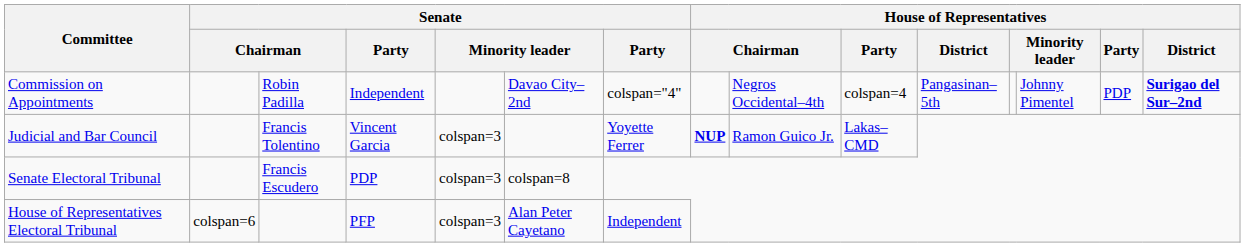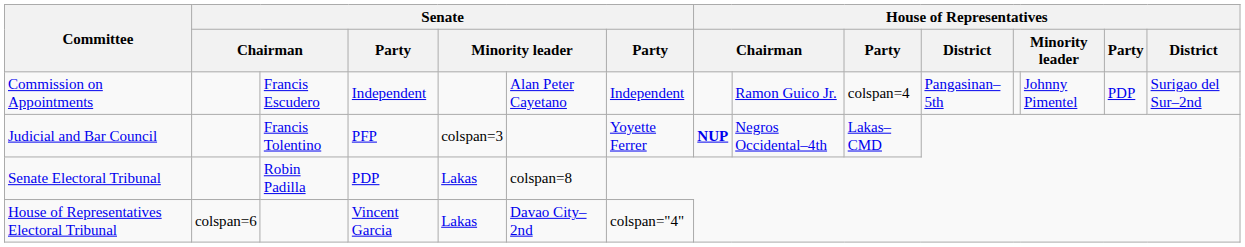 <table class=wikitable style="font-size:95%;">
 <tr>
 <th rowspan=2>Committee</th>
 <th colspan=6>Senate</th>
 <th colspan=8>House of Representatives</th>
 </tr>
 <tr>
 <th colspan=2>Chairman</th>
 <th>Party</th>
 <th colspan=2>Minority leader</th>
 <th>Party</th>
 <th colspan=2>Chairman</th>
 <th>Party</th>
 <th>District</th>
 <th colspan=2>Minority leader</th>
 <th>Party</th>
 <th>District</th>
 </tr>
 <tr>
 <td><a href='#'>Commission on Appointments</a></td>
 <td></td>
-<td><a href='#'>Robin Padilla</a></td>
+<td><a href='#'>Francis Escudero</a></td>
 <td><a href='#'>Independent</a></td>
 <td></td>
-<td><a href='#'>Davao City–2nd</a></td>
-<td>colspan="4" </td>
+<td><a href='#'>Alan Peter Cayetano</a></td>
+<td><a href='#'>Independent</a></td>
 <td></td>
-<td><a href='#'>Negros Occidental–4th</a></td>
+<td><a href='#'>Ramon Guico Jr.</a></td>
 <td>colspan=4 </td>
 <td><a href='#'>Pangasinan–5th</a></td>
 <td></td>
 <td><a href='#'>Johnny Pimentel</a></td>
 <td><a href='#'>PDP</a></td>
-<td><strong><a href='#'>Surigao del Sur–2nd</a></strong></td>
+<td><a href='#'>Surigao del Sur–2nd</a></td>
 </tr>
 <tr>
 <td><a href='#'>Judicial and Bar Council</a></td>
 <td></td>
 <td><a href='#'>Francis Tolentino</a></td>
-<td><a href='#'>Vincent Garcia</a></td>
+<td><a href='#'>PFP</a></td>
 <td>colspan=3 </td>
 <td></td>
 <td><a href='#'>Yoyette Ferrer</a></td>
 <td><strong><a href='#'>NUP</a></strong></td>
-<td><a href='#'>Ramon Guico Jr.</a></td>
+<td><a href='#'>Negros Occidental–4th</a></td>
 <td><a href='#'>Lakas–CMD</a></td>
 </tr>
 <tr>
 <td><a href='#'>Senate Electoral Tribunal</a></td>
 <td></td>
-<td><a href='#'>Francis Escudero</a></td>
+<td><a href='#'>Robin Padilla</a></td>
 <td><a href='#'>PDP</a></td>
-<td>colspan=3 </td>
+<td><a href='#'>Lakas</a></td>
 <td>colspan=8 </td>
 </tr>
 <tr>
 <td><a href='#'>House of Representatives Electoral Tribunal</a></td>
 <td>colspan=6 </td>
 <td></td>
-<td><a href='#'>PFP</a></td>
-<td>colspan=3 </td>
-<td><a href='#'>Alan Peter Cayetano</a></td>
-<td><a href='#'>Independent</a></td>
+<td><a href='#'>Vincent Garcia</a></td>
+<td><a href='#'>Lakas</a></td>
+<td><a href='#'>Davao City–2nd</a></td>
+<td>colspan="4" </td>
 </tr>
 </table>
